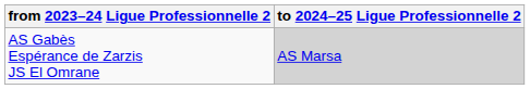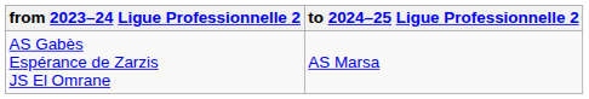 <table class="wikitable">
 <tr>
 <th> from <a href='#'>2023–24</a> <a href='#'>Ligue Professionnelle 2</a></th>
 <th> to <a href='#'>2024–25</a> <a href='#'>Ligue Professionnelle 2</a></th>
 </tr>
 <tr>
 <td><a href='#'>AS Gabès</a><br><a href='#'>Espérance de Zarzis</a><br><a href='#'>JS El Omrane</a></td>
-<td style="background: lightgrey;"><a href='#'>AS Marsa</a></td>
+<td><a href='#'>AS Marsa</a></td>
 </tr>
 </table>
